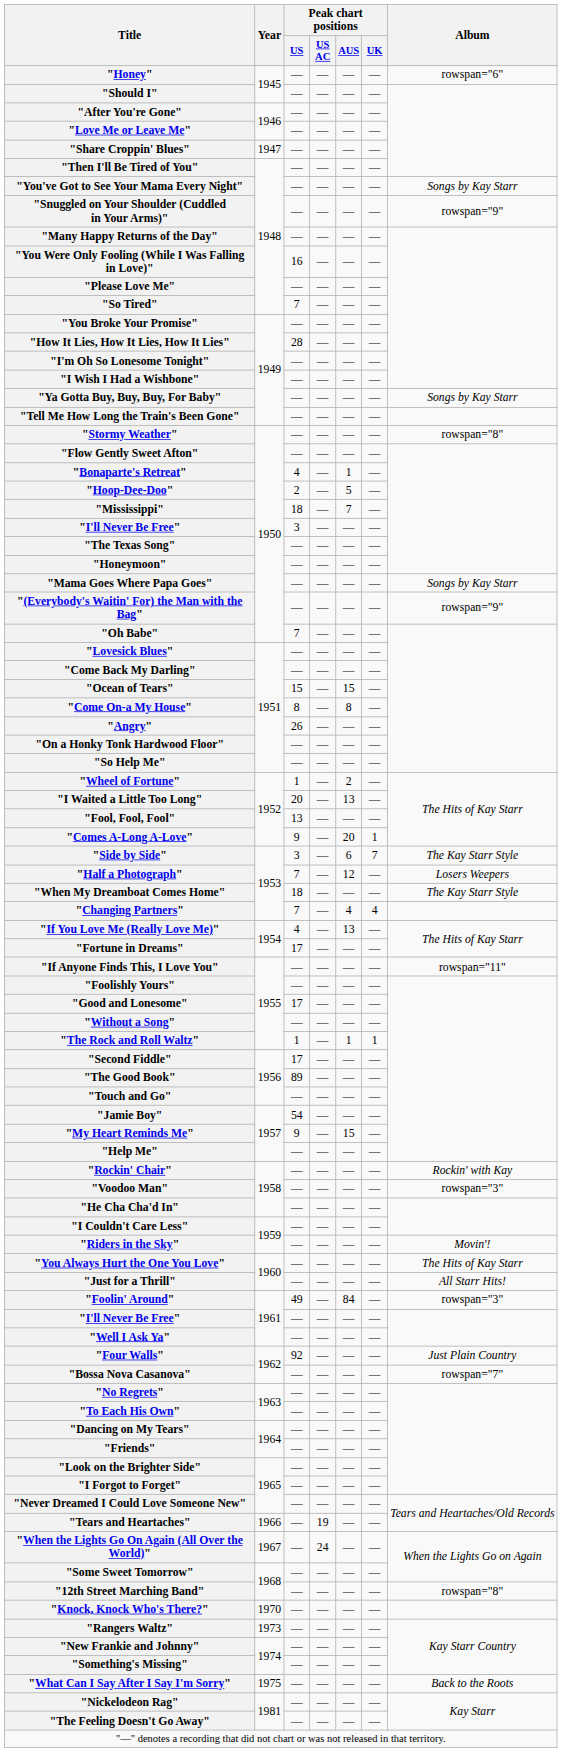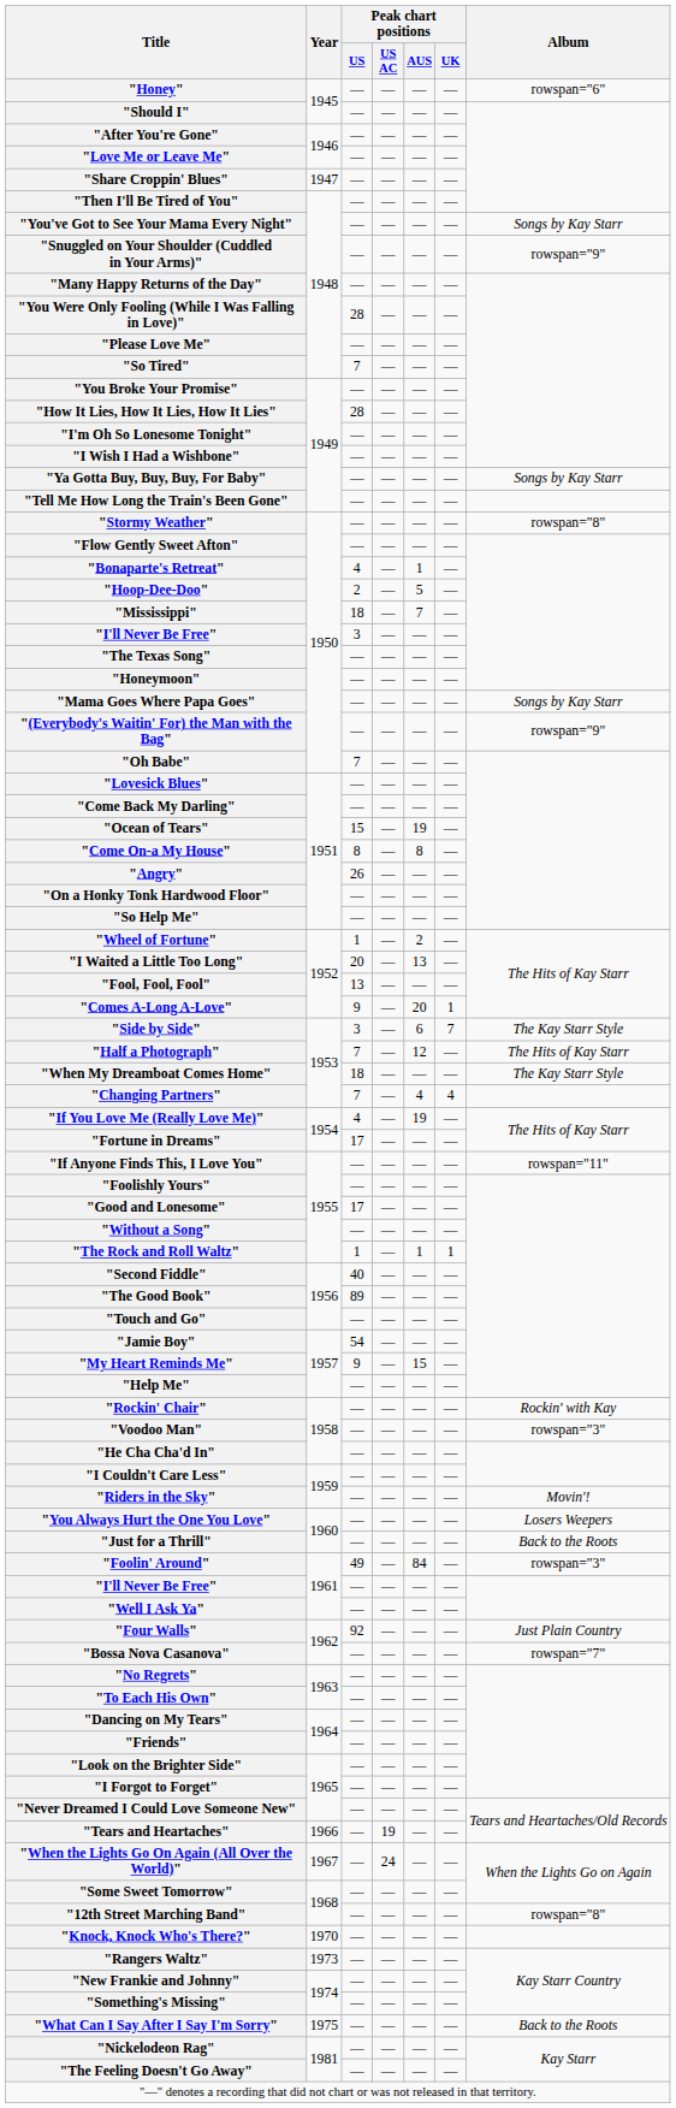 <table class="wikitable plainrowheaders" style="text-align:center;" border="1">
 <tr>
 <th scope="col" rowspan="2" style="width:21em;">Title</th>
 <th scope="col" rowspan="2">Year</th>
 <th scope="col" colspan="4">Peak chart positions</th>
 <th scope="col" rowspan="2">Album</th>
 </tr>
 <tr>
 <th scope="col" style="width:2em;font-size:90%;"><a href='#'>US</a><br></th>
 <th scope="col" style="width:2em;font-size:90%;"><a href='#'>US<br>AC</a><br></th>
 <th scope="col" style="width:2em;font-size:90%;"><a href='#'>AUS</a><br></th>
 <th scope="col" style="width:2em;font-size:90%;"><a href='#'>UK</a><br></th>
 </tr>
 <tr>
 <th scope="row">"<a href='#'>Honey</a>" </th>
 <td rowspan="2">1945</td>
 <td>—</td>
 <td>—</td>
 <td>—</td>
 <td>—</td>
 <td>rowspan="6" </td>
 </tr>
 <tr>
 <th scope="row">"Should I" </th>
 <td>—</td>
 <td>—</td>
 <td>—</td>
 <td>—</td>
 </tr>
 <tr>
 <th scope="row">"After You're Gone" </th>
 <td rowspan="2">1946</td>
 <td>—</td>
 <td>—</td>
 <td>—</td>
 <td>—</td>
 </tr>
 <tr>
 <th scope="row">"<a href='#'>Love Me or Leave Me</a>" </th>
 <td>—</td>
 <td>—</td>
 <td>—</td>
 <td>—</td>
 </tr>
 <tr>
 <th scope="row">"Share Croppin' Blues"</th>
 <td>1947</td>
 <td>—</td>
 <td>—</td>
 <td>—</td>
 <td>—</td>
 </tr>
 <tr>
 <th scope="row">"Then I'll Be Tired of You"</th>
 <td rowspan="7">1948</td>
 <td>—</td>
 <td>—</td>
 <td>—</td>
 <td>—</td>
 </tr>
 <tr>
 <th scope="row">"You've Got to See Your Mama Every Night"</th>
 <td>—</td>
 <td>—</td>
 <td>—</td>
 <td>—</td>
 <td><em>Songs by Kay Starr</em></td>
 </tr>
 <tr>
 <th scope="row">"Snuggled on Your Shoulder (Cuddled<br>in Your Arms)"</th>
 <td>—</td>
 <td>—</td>
 <td>—</td>
 <td>—</td>
 <td>rowspan="9" </td>
 </tr>
 <tr>
 <th scope="row">"Many Happy Returns of the Day"</th>
 <td>—</td>
 <td>—</td>
 <td>—</td>
 <td>—</td>
 </tr>
 <tr>
 <th scope="row">"You Were Only Fooling (While I Was Falling<br>in Love)"</th>
-<td>16</td>
+<td>28</td>
 <td>—</td>
 <td>—</td>
 <td>—</td>
 </tr>
 <tr>
 <th scope="row">"Please Love Me"</th>
 <td>—</td>
 <td>—</td>
 <td>—</td>
 <td>—</td>
 </tr>
 <tr>
 <th scope="row">"So Tired"</th>
 <td>7</td>
 <td>—</td>
 <td>—</td>
 <td>—</td>
 </tr>
 <tr>
 <th scope="row">"You Broke Your Promise"</th>
 <td rowspan="6">1949</td>
 <td>—</td>
 <td>—</td>
 <td>—</td>
 <td>—</td>
 </tr>
 <tr>
 <th scope="row">"How It Lies, How It Lies, How It Lies"</th>
 <td>28</td>
 <td>—</td>
 <td>—</td>
 <td>—</td>
 </tr>
 <tr>
 <th scope="row">"I'm Oh So Lonesome Tonight"</th>
 <td>—</td>
 <td>—</td>
 <td>—</td>
 <td>—</td>
 </tr>
 <tr>
 <th scope="row">"I Wish I Had a Wishbone"</th>
 <td>—</td>
 <td>—</td>
 <td>—</td>
 <td>—</td>
 </tr>
 <tr>
 <th scope="row">"Ya Gotta Buy, Buy, Buy, For Baby"</th>
 <td>—</td>
 <td>—</td>
 <td>—</td>
 <td>—</td>
 <td><em>Songs by Kay Starr</em></td>
 </tr>
 <tr>
 <th scope="row">"Tell Me How Long the Train's Been Gone"</th>
 <td>—</td>
 <td>—</td>
 <td>—</td>
 <td>—</td>
 <td></td>
 </tr>
 <tr>
 <th scope="row">"<a href='#'>Stormy Weather</a>"</th>
 <td rowspan="11">1950</td>
 <td>—</td>
 <td>—</td>
 <td>—</td>
 <td>—</td>
 <td>rowspan="8" </td>
 </tr>
 <tr>
 <th scope="row">"Flow Gently Sweet Afton"</th>
 <td>—</td>
 <td>—</td>
 <td>—</td>
 <td>—</td>
 </tr>
 <tr>
 <th scope="row">"<a href='#'>Bonaparte's Retreat</a>"</th>
 <td>4</td>
 <td>—</td>
 <td>1</td>
 <td>—</td>
 </tr>
 <tr>
 <th scope="row">"<a href='#'>Hoop-Dee-Doo</a>"</th>
 <td>2</td>
 <td>—</td>
 <td>5</td>
 <td>—</td>
 </tr>
 <tr>
 <th scope="row">"Mississippi"</th>
 <td>18</td>
 <td>—</td>
 <td>7</td>
 <td>—</td>
 </tr>
 <tr>
 <th scope="row">"<a href='#'>I'll Never Be Free</a>" </th>
 <td>3</td>
 <td>—</td>
 <td>—</td>
 <td>—</td>
 </tr>
 <tr>
 <th scope="row">"The Texas Song"</th>
 <td>—</td>
 <td>—</td>
 <td>—</td>
 <td>—</td>
 </tr>
 <tr>
 <th scope="row">"Honeymoon"</th>
 <td>—</td>
 <td>—</td>
 <td>—</td>
 <td>—</td>
 </tr>
 <tr>
 <th scope="row">"Mama Goes Where Papa Goes"</th>
 <td>—</td>
 <td>—</td>
 <td>—</td>
 <td>—</td>
 <td><em>Songs by Kay Starr</em></td>
 </tr>
 <tr>
 <th scope="row">"<a href='#'>(Everybody's Waitin' For) the Man with the Bag</a>"</th>
 <td>—</td>
 <td>—</td>
 <td>—</td>
 <td>—</td>
 <td>rowspan="9" </td>
 </tr>
 <tr>
 <th scope="row">"Oh Babe"</th>
 <td>7</td>
 <td>—</td>
 <td>—</td>
 <td>—</td>
 </tr>
 <tr>
 <th scope="row">"<a href='#'>Lovesick Blues</a>"</th>
 <td rowspan="7">1951</td>
 <td>—</td>
 <td>—</td>
 <td>—</td>
 <td>—</td>
 </tr>
 <tr>
 <th scope="row">"Come Back My Darling"</th>
 <td>—</td>
 <td>—</td>
 <td>—</td>
 <td>—</td>
 </tr>
 <tr>
 <th scope="row">"Ocean of Tears" </th>
 <td>15</td>
 <td>—</td>
-<td>15</td>
+<td>19</td>
 <td>—</td>
 </tr>
 <tr>
 <th scope="row">"<a href='#'>Come On-a My House</a>"</th>
 <td>8</td>
 <td>—</td>
 <td>8</td>
 <td>—</td>
 </tr>
 <tr>
 <th scope="row">"<a href='#'>Angry</a>"</th>
 <td>26</td>
 <td>—</td>
 <td>—</td>
 <td>—</td>
 </tr>
 <tr>
 <th scope="row">"On a Honky Tonk Hardwood Floor"</th>
 <td>—</td>
 <td>—</td>
 <td>—</td>
 <td>—</td>
 </tr>
 <tr>
 <th scope="row">"So Help Me"</th>
 <td>—</td>
 <td>—</td>
 <td>—</td>
 <td>—</td>
 </tr>
 <tr>
 <th scope="row">"<a href='#'>Wheel of Fortune</a>"</th>
 <td rowspan="4">1952</td>
 <td>1</td>
 <td>—</td>
 <td>2</td>
 <td>—</td>
 <td rowspan="4"><em>The Hits of Kay Starr</em></td>
 </tr>
 <tr>
 <th scope="row">"I Waited a Little Too Long"</th>
 <td>20</td>
 <td>—</td>
 <td>13</td>
 <td>—</td>
 </tr>
 <tr>
 <th scope="row">"Fool, Fool, Fool"</th>
 <td>13</td>
 <td>—</td>
 <td>—</td>
 <td>—</td>
 </tr>
 <tr>
 <th scope="row">"<a href='#'>Comes A-Long A-Love</a>"</th>
 <td>9</td>
 <td>—</td>
 <td>20</td>
 <td>1</td>
 </tr>
 <tr>
 <th scope="row">"<a href='#'>Side by Side</a>"</th>
 <td rowspan="4">1953</td>
 <td>3</td>
 <td>—</td>
 <td>6</td>
 <td>7</td>
 <td><em>The Kay Starr Style</em></td>
 </tr>
 <tr>
 <th scope="row">"<a href='#'>Half a Photograph</a>"</th>
 <td>7</td>
 <td>—</td>
 <td>12</td>
 <td>—</td>
-<td><em>Losers Weepers</em></td>
+<td><em>The Hits of Kay Starr</em></td>
 </tr>
 <tr>
 <th scope="row">"When My Dreamboat Comes Home"</th>
 <td>18</td>
 <td>—</td>
 <td>—</td>
 <td>—</td>
 <td><em>The Kay Starr Style</em></td>
 </tr>
 <tr>
 <th scope="row">"<a href='#'>Changing Partners</a>"</th>
 <td>7</td>
 <td>—</td>
 <td>4</td>
 <td>4</td>
 <td></td>
 </tr>
 <tr>
 <th scope="row">"<a href='#'>If You Love Me (Really Love Me)</a>"</th>
 <td rowspan="2">1954</td>
 <td>4</td>
 <td>—</td>
-<td>13</td>
+<td>19</td>
 <td>—</td>
 <td rowspan="2"><em>The Hits of Kay Starr</em></td>
 </tr>
 <tr>
 <th scope="row">"Fortune in Dreams"</th>
 <td>17</td>
 <td>—</td>
 <td>—</td>
 <td>—</td>
 </tr>
 <tr>
 <th scope="row">"If Anyone Finds This, I Love You"</th>
 <td rowspan="5">1955</td>
 <td>—</td>
 <td>—</td>
 <td>—</td>
 <td>—</td>
 <td>rowspan="11" </td>
 </tr>
 <tr>
 <th scope="row">"Foolishly Yours"</th>
 <td>—</td>
 <td>—</td>
 <td>—</td>
 <td>—</td>
 </tr>
 <tr>
 <th scope="row">"Good and Lonesome"</th>
 <td>17</td>
 <td>—</td>
 <td>—</td>
 <td>—</td>
 </tr>
 <tr>
 <th scope="row">"<a href='#'>Without a Song</a>"</th>
 <td>—</td>
 <td>—</td>
 <td>—</td>
 <td>—</td>
 </tr>
 <tr>
 <th scope="row">"<a href='#'>The Rock and Roll Waltz</a>"</th>
 <td>1</td>
 <td>—</td>
 <td>1</td>
 <td>1</td>
 </tr>
 <tr>
 <th scope="row">"Second Fiddle"</th>
 <td rowspan="3">1956</td>
-<td>17</td>
+<td>40</td>
 <td>—</td>
 <td>—</td>
 <td>—</td>
 </tr>
 <tr>
 <th scope="row">"The Good Book"</th>
 <td>89</td>
 <td>—</td>
 <td>—</td>
 <td>—</td>
 </tr>
 <tr>
 <th scope="row">"Touch and Go"</th>
 <td>—</td>
 <td>—</td>
 <td>—</td>
 <td>—</td>
 </tr>
 <tr>
 <th scope="row">"Jamie Boy"</th>
 <td rowspan="3">1957</td>
 <td>54</td>
 <td>—</td>
 <td>—</td>
 <td>—</td>
 </tr>
 <tr>
 <th scope="row">"<a href='#'>My Heart Reminds Me</a>"</th>
 <td>9</td>
 <td>—</td>
 <td>15</td>
 <td>—</td>
 </tr>
 <tr>
 <th scope="row">"Help Me"</th>
 <td>—</td>
 <td>—</td>
 <td>—</td>
 <td>—</td>
 </tr>
 <tr>
 <th scope="row">"<a href='#'>Rockin' Chair</a>"</th>
 <td rowspan="3">1958</td>
 <td>—</td>
 <td>—</td>
 <td>—</td>
 <td>—</td>
 <td><em>Rockin' with Kay</em></td>
 </tr>
 <tr>
 <th scope="row">"Voodoo Man"</th>
 <td>—</td>
 <td>—</td>
 <td>—</td>
 <td>—</td>
 <td>rowspan="3" </td>
 </tr>
 <tr>
 <th scope="row">"He Cha Cha'd In"</th>
 <td>—</td>
 <td>—</td>
 <td>—</td>
 <td>—</td>
 </tr>
 <tr>
 <th scope="row">"I Couldn't Care Less"</th>
 <td rowspan="2">1959</td>
 <td>—</td>
 <td>—</td>
 <td>—</td>
 <td>—</td>
 </tr>
 <tr>
 <th scope="row">"<a href='#'>Riders in the Sky</a>"</th>
 <td>—</td>
 <td>—</td>
 <td>—</td>
 <td>—</td>
 <td><em>Movin'!</em></td>
 </tr>
 <tr>
 <th scope="row">"<a href='#'>You Always Hurt the One You Love</a>"</th>
 <td rowspan="2">1960</td>
 <td>—</td>
 <td>—</td>
 <td>—</td>
 <td>—</td>
-<td><em>The Hits of Kay Starr</em></td>
+<td><em>Losers Weepers</em></td>
 </tr>
 <tr>
 <th scope="row">"Just for a Thrill"</th>
 <td>—</td>
 <td>—</td>
 <td>—</td>
 <td>—</td>
-<td><em>All Starr Hits!</em></td>
+<td><em>Back to the Roots</em></td>
 </tr>
 <tr>
 <th scope="row">"<a href='#'>Foolin' Around</a>"</th>
 <td rowspan="3">1961</td>
 <td>49</td>
 <td>—</td>
 <td>84</td>
 <td>—</td>
 <td>rowspan="3" </td>
 </tr>
 <tr>
 <th scope="row">"<a href='#'>I'll Never Be Free</a>"</th>
 <td>—</td>
 <td>—</td>
 <td>—</td>
 <td>—</td>
 </tr>
 <tr>
 <th scope="row">"<a href='#'>Well I Ask Ya</a>"</th>
 <td>—</td>
 <td>—</td>
 <td>—</td>
 <td>—</td>
 </tr>
 <tr>
 <th scope="row">"<a href='#'>Four Walls</a>"</th>
 <td rowspan="2">1962</td>
 <td>92</td>
 <td>—</td>
 <td>—</td>
 <td>—</td>
 <td><em>Just Plain Country</em></td>
 </tr>
 <tr>
 <th scope="row">"Bossa Nova Casanova"</th>
 <td>—</td>
 <td>—</td>
 <td>—</td>
 <td>—</td>
 <td>rowspan="7" </td>
 </tr>
 <tr>
 <th scope="row">"<a href='#'>No Regrets</a>"</th>
 <td rowspan="2">1963</td>
 <td>—</td>
 <td>—</td>
 <td>—</td>
 <td>—</td>
 </tr>
 <tr>
 <th scope="row">"<a href='#'>To Each His Own</a>"</th>
 <td>—</td>
 <td>—</td>
 <td>—</td>
 <td>—</td>
 </tr>
 <tr>
 <th scope="row">"Dancing on My Tears"</th>
 <td rowspan="2">1964</td>
 <td>—</td>
 <td>—</td>
 <td>—</td>
 <td>—</td>
 </tr>
 <tr>
 <th scope="row">"Friends"</th>
 <td>—</td>
 <td>—</td>
 <td>—</td>
 <td>—</td>
 </tr>
 <tr>
 <th scope="row">"Look on the Brighter Side"</th>
 <td rowspan="3">1965</td>
 <td>—</td>
 <td>—</td>
 <td>—</td>
 <td>—</td>
 </tr>
 <tr>
 <th scope="row">"I Forgot to Forget"</th>
 <td>—</td>
 <td>—</td>
 <td>—</td>
 <td>—</td>
 </tr>
 <tr>
 <th scope="row">"Never Dreamed I Could Love Someone New"</th>
 <td>—</td>
 <td>—</td>
 <td>—</td>
 <td>—</td>
 <td rowspan="2"><em>Tears and Heartaches/Old Records</em></td>
 </tr>
 <tr>
 <th scope="row">"Tears and Heartaches"</th>
 <td>1966</td>
 <td>—</td>
 <td>19</td>
 <td>—</td>
 <td>—</td>
 </tr>
 <tr>
 <th scope="row">"<a href='#'>When the Lights Go On Again (All Over the World)</a>"</th>
 <td>1967</td>
 <td>—</td>
 <td>24</td>
 <td>—</td>
 <td>—</td>
 <td rowspan="2"><em>When the Lights Go on Again</em></td>
 </tr>
 <tr>
 <th scope="row">"Some Sweet Tomorrow"</th>
 <td rowspan="2">1968</td>
 <td>—</td>
 <td>—</td>
 <td>—</td>
 <td>—</td>
 </tr>
 <tr>
 <th scope="row">"12th Street Marching Band"</th>
 <td>—</td>
 <td>—</td>
 <td>—</td>
 <td>—</td>
 <td>rowspan="8" </td>
 </tr>
 <tr>
 <th scope="row">"<a href='#'>Knock, Knock Who's There?</a>"</th>
 <td>1970</td>
 <td>—</td>
 <td>—</td>
 <td>—</td>
 <td>—</td>
 </tr>
 <tr>
 <th scope="row">"Rangers Waltz"</th>
 <td>1973</td>
 <td>—</td>
 <td>—</td>
 <td>—</td>
 <td>—</td>
 <td rowspan="3"><em>Kay Starr Country</em></td>
 </tr>
 <tr>
 <th scope="row">"New Frankie and Johnny"</th>
 <td rowspan="2">1974</td>
 <td>—</td>
 <td>—</td>
 <td>—</td>
 <td>—</td>
 </tr>
 <tr>
 <th scope="row">"Something's Missing"</th>
 <td>—</td>
 <td>—</td>
 <td>—</td>
 <td>—</td>
 </tr>
 <tr>
 <th scope="row">"<a href='#'>What Can I Say After I Say I'm Sorry</a>"</th>
 <td>1975</td>
 <td>—</td>
 <td>—</td>
 <td>—</td>
 <td>—</td>
 <td><em>Back to the Roots</em></td>
 </tr>
 <tr>
 <th scope="row">"Nickelodeon Rag"</th>
 <td rowspan="2">1981</td>
 <td>—</td>
 <td>—</td>
 <td>—</td>
 <td>—</td>
 <td rowspan="2"><em>Kay Starr</em></td>
 </tr>
 <tr>
 <th scope="row">"The Feeling Doesn't Go Away"</th>
 <td>—</td>
 <td>—</td>
 <td>—</td>
 <td>—</td>
 </tr>
 <tr>
 <td colspan="7" style="font-size:90%">"—" denotes a recording that did not chart or was not released in that territory.</td>
 </tr>
 </table>
